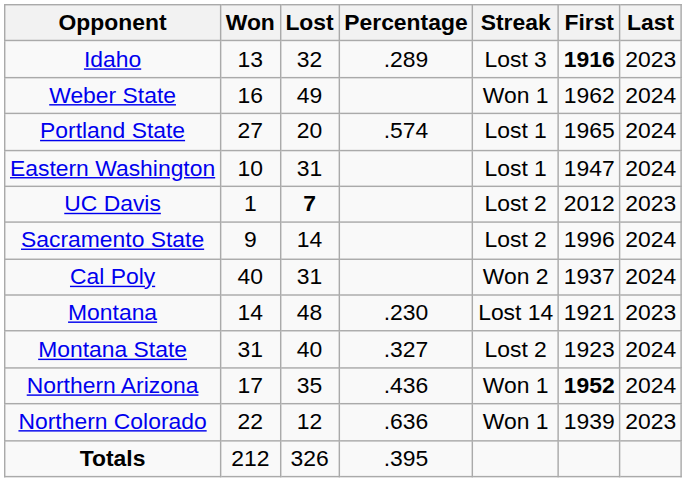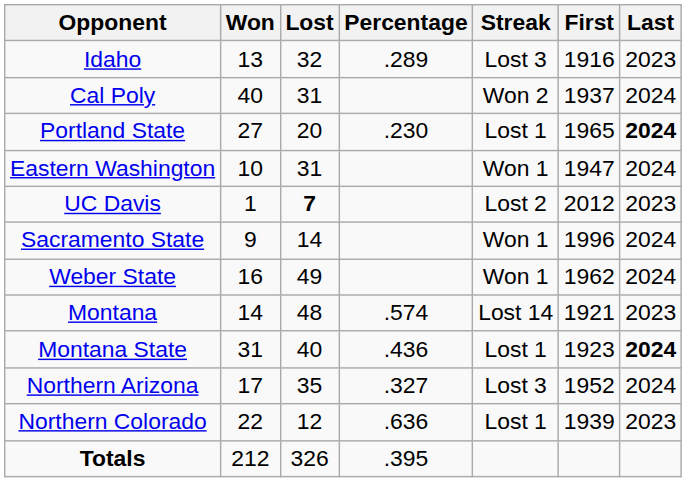 <table class="wikitable" style="text-align:center">
 <tr>
 <th>Opponent</th>
 <th>Won</th>
 <th>Lost</th>
 <th>Percentage</th>
 <th>Streak</th>
 <th>First</th>
 <th>Last</th>
 </tr>
 <tr style="text-align:center;">
 <td><a href='#'>Idaho</a></td>
 <td>13</td>
 <td>32</td>
 <td>.289</td>
 <td>Lost 3</td>
-<td><strong>1916</strong></td>
+<td>1916</td>
 <td>2023</td>
 </tr>
 <tr style="text-align:center;">
-<td><a href='#'>Weber State</a></td>
-<td>16</td>
-<td>49</td>
+<td><a href='#'>Cal Poly</a></td>
+<td>40</td>
+<td>31</td>
 <td></td>
-<td>Won 1</td>
-<td>1962</td>
+<td>Won 2</td>
+<td>1937</td>
 <td>2024</td>
 </tr>
 <tr style="text-align:center;">
 <td><a href='#'>Portland State</a></td>
 <td>27</td>
 <td>20</td>
-<td>.574</td>
+<td>.230</td>
 <td>Lost 1</td>
 <td>1965</td>
-<td>2024</td>
+<td><strong>2024</strong></td>
 </tr>
 <tr style="text-align:center;">
 <td><a href='#'>Eastern Washington</a></td>
 <td>10</td>
 <td>31</td>
 <td></td>
-<td>Lost 1</td>
+<td>Won 1</td>
 <td>1947</td>
 <td>2024</td>
 </tr>
 <tr style="text-align:center;">
 <td><a href='#'>UC Davis</a></td>
 <td>1</td>
 <td><strong>7</strong></td>
 <td></td>
 <td>Lost 2</td>
 <td>2012</td>
 <td>2023</td>
 </tr>
 <tr style="text-align:center;">
 <td><a href='#'>Sacramento State</a></td>
 <td>9</td>
 <td>14</td>
 <td></td>
-<td>Lost 2</td>
+<td>Won 1</td>
 <td>1996</td>
 <td>2024</td>
 </tr>
 <tr style="text-align:center;">
-<td><a href='#'>Cal Poly</a></td>
-<td>40</td>
-<td>31</td>
+<td><a href='#'>Weber State</a></td>
+<td>16</td>
+<td>49</td>
 <td></td>
-<td>Won 2</td>
-<td>1937</td>
+<td>Won 1</td>
+<td>1962</td>
 <td>2024</td>
 </tr>
 <tr style="text-align:center;">
 <td><a href='#'>Montana</a></td>
 <td>14</td>
 <td>48</td>
-<td>.230</td>
+<td>.574</td>
 <td>Lost 14</td>
 <td>1921</td>
 <td>2023</td>
 </tr>
 <tr style="text-align:center;">
 <td><a href='#'>Montana State</a></td>
 <td>31</td>
 <td>40</td>
-<td>.327</td>
-<td>Lost 2</td>
+<td>.436</td>
+<td>Lost 1</td>
 <td>1923</td>
-<td>2024</td>
+<td><strong>2024</strong></td>
 </tr>
 <tr style="text-align:center;">
 <td><a href='#'>Northern Arizona</a></td>
 <td>17</td>
 <td>35</td>
-<td>.436</td>
-<td>Won 1</td>
-<td><strong>1952</strong></td>
+<td>.327</td>
+<td>Lost 3</td>
+<td>1952</td>
 <td>2024</td>
 </tr>
 <tr>
 <td><a href='#'>Northern Colorado</a></td>
 <td>22</td>
 <td>12</td>
 <td>.636</td>
-<td>Won 1</td>
+<td>Lost 1</td>
 <td>1939</td>
 <td>2023</td>
 </tr>
 <tr class="unsortable" style="text-align:center; ">
 <td><strong>Totals</strong></td>
 <td>212</td>
 <td>326</td>
 <td>.395</td>
 <td></td>
 <td></td>
 <td></td>
 </tr>
 </table>
